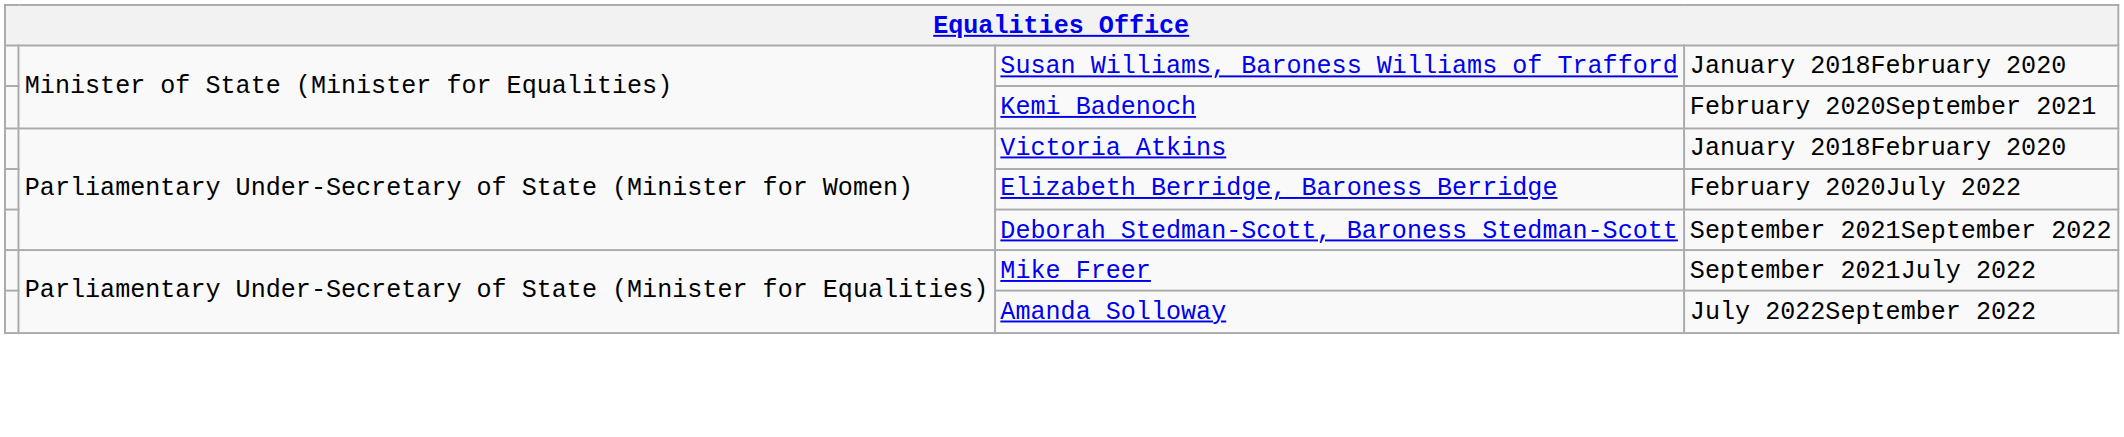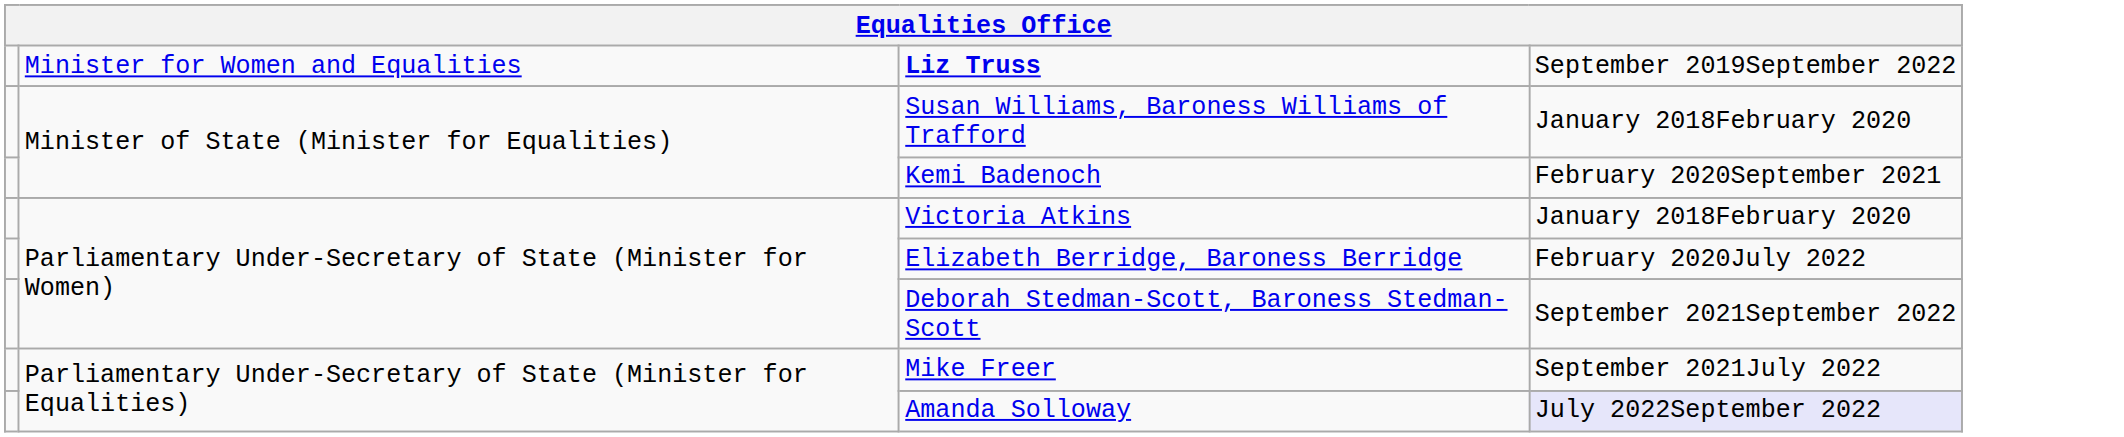 <table class="wikitable">
 <tr>
 <th colspan="4"><a href='#'>Equalities Office</a></th>
+</tr>
+<tr>
+<td style="width: 1px; background: "></td>
+<td style="width: 450px;"><a href='#'>Minister for Women and Equalities</a></td>
+<td style="width: 320px;"><strong><a href='#'>Liz Truss</a></strong> <br></td>
+<td>September 2019September 2022</td>
 </tr>
 <tr>
 <td style="width: 1px; background: "></td>
 <td rowspan=2>Minister of State (Minister for Equalities)</td>
 <td><a href='#'>Susan Williams, Baroness Williams of Trafford</a><br></td>
 <td>January 2018February 2020</td>
 </tr>
 <tr>
 <td style="width: 1px; background: "></td>
 <td><a href='#'>Kemi Badenoch</a> <br></td>
 <td>February 2020September 2021</td>
 </tr>
 <tr>
 <td style="width: 1px; background: "></td>
 <td rowspan=3>Parliamentary Under-Secretary of State (Minister for Women)</td>
 <td><a href='#'>Victoria Atkins</a> <br></td>
 <td>January 2018February 2020</td>
 </tr>
 <tr>
 <td style="width: 1px; background: "></td>
 <td><a href='#'>Elizabeth Berridge, Baroness Berridge</a> </td>
 <td>February 2020July 2022</td>
 </tr>
 <tr>
 <td style="width: 1px; background: "></td>
 <td><a href='#'>Deborah Stedman-Scott, Baroness Stedman-Scott</a></td>
 <td>September 2021September 2022</td>
 </tr>
 <tr>
 <td style="width: 1px; background: "></td>
 <td rowspan=2>Parliamentary Under-Secretary of State (Minister for Equalities)</td>
 <td><a href='#'>Mike Freer</a> <br></td>
 <td>September 2021July 2022</td>
 </tr>
 <tr>
 <td style="width: 1px; background: "></td>
 <td><a href='#'>Amanda Solloway</a> <br></td>
-<td>July 2022September 2022</td>
+<td style="background: lavender;">July 2022September 2022</td>
 </tr>
 </table>
